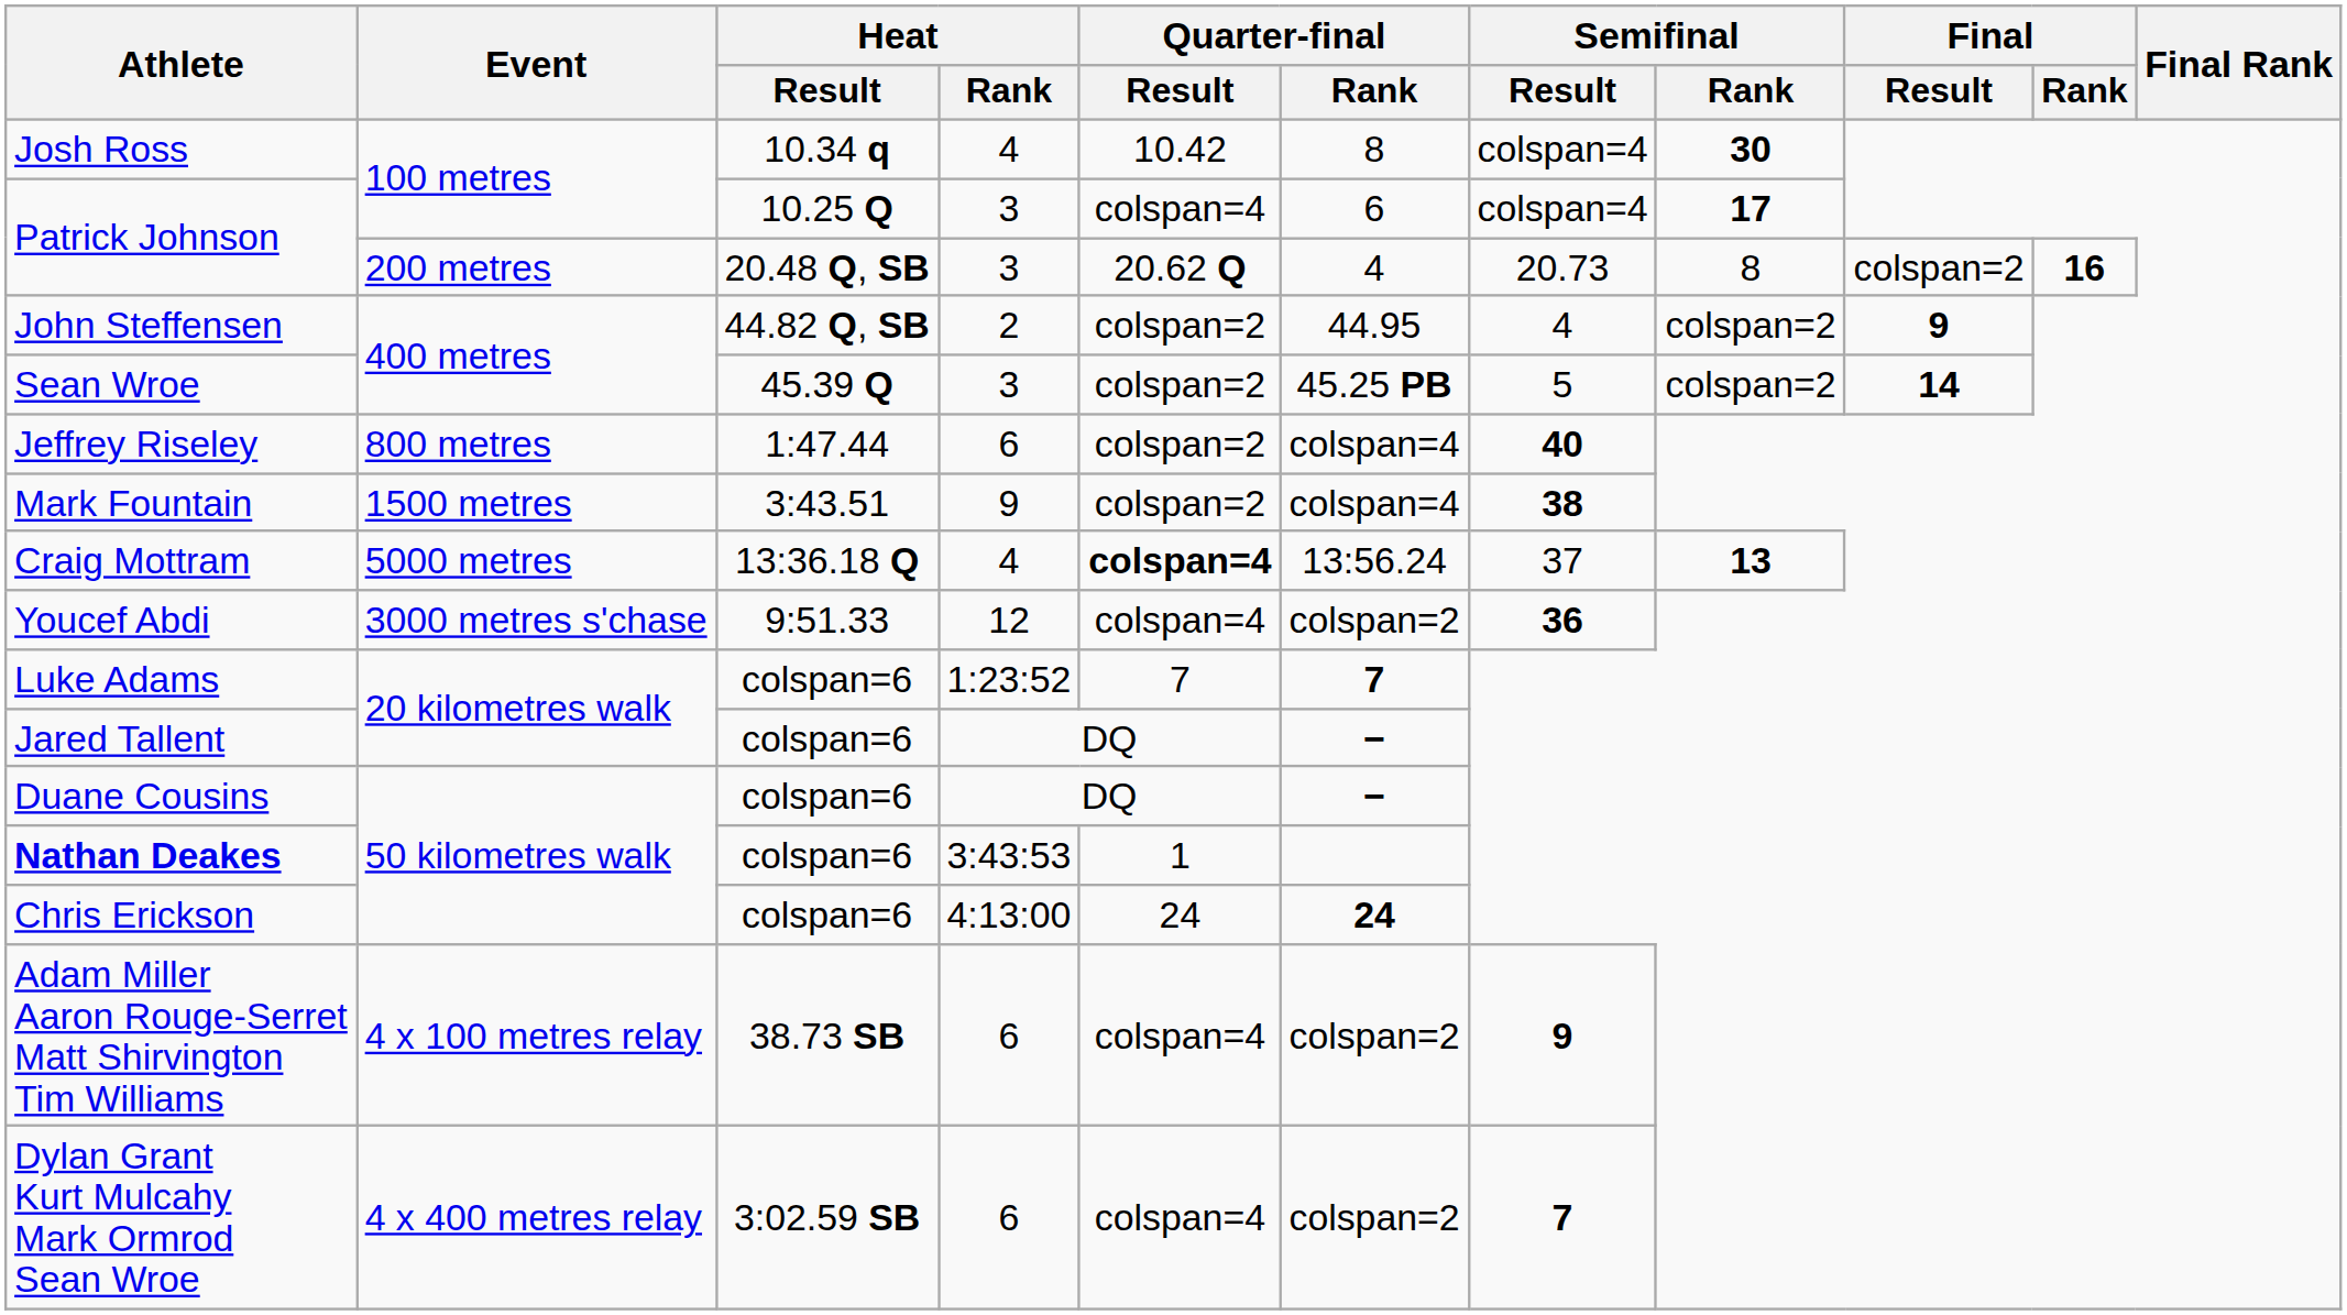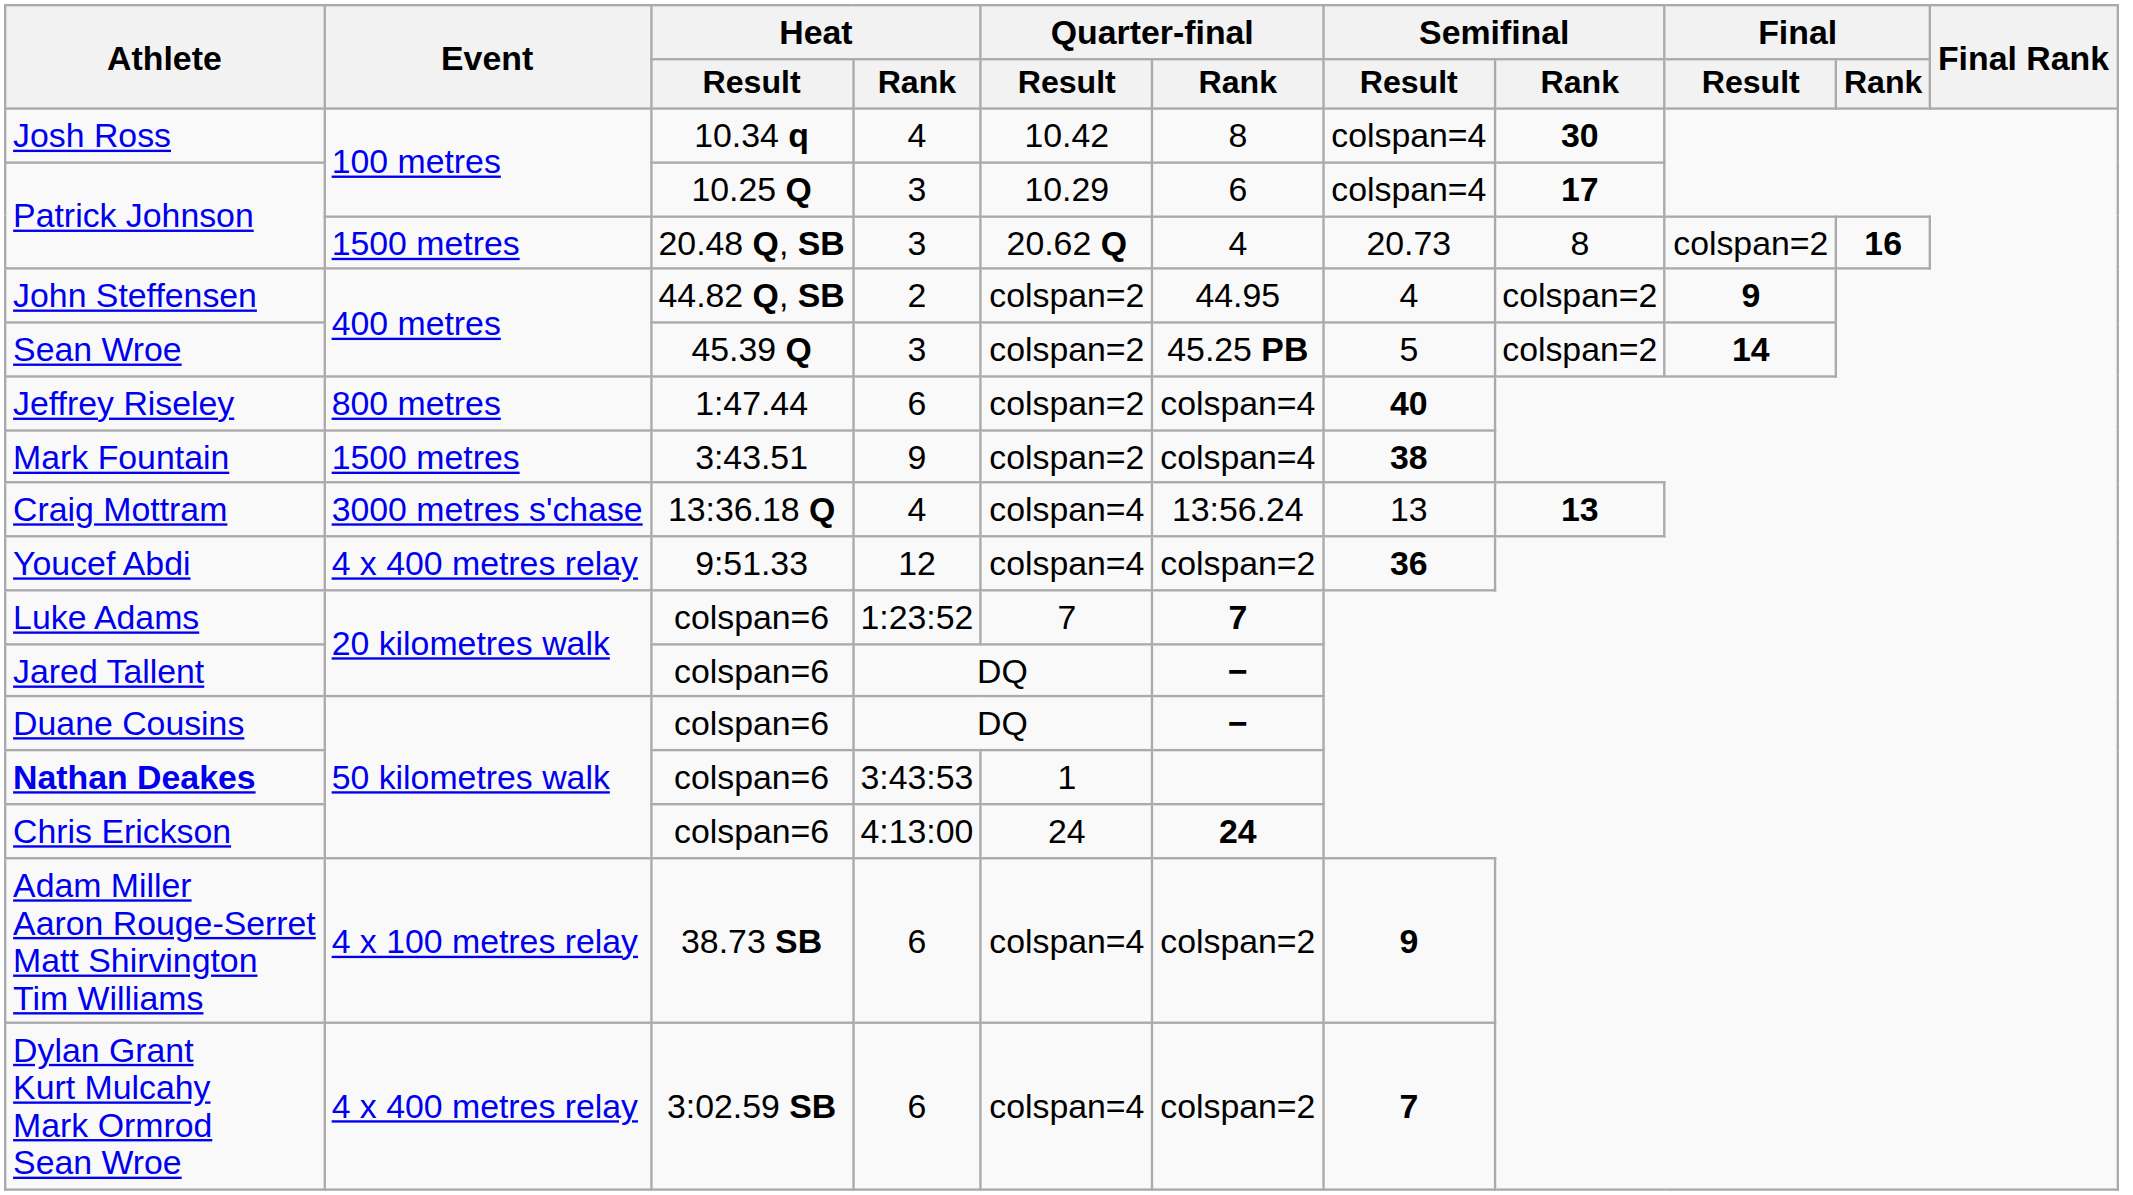 <table class="wikitable" style="font-size:90%">
 <tr>
 <th rowspan="2">Athlete</th>
 <th rowspan="2">Event</th>
 <th colspan="2">Heat</th>
 <th colspan="2">Quarter-final</th>
 <th colspan="2">Semifinal</th>
 <th colspan="2">Final</th>
 <th colspan="2" rowspan="2">Final Rank</th>
 </tr>
 <tr style="font-size:95%">
 <th>Result</th>
 <th>Rank</th>
 <th>Result</th>
 <th>Rank</th>
 <th>Result</th>
 <th>Rank</th>
 <th>Result</th>
 <th>Rank</th>
 </tr>
 <tr align=center>
 <td align=left><a href='#'>Josh Ross</a></td>
 <td rowspan="2" align=left><a href='#'>100 metres</a></td>
 <td>10.34 <strong>q</strong></td>
 <td>4</td>
 <td>10.42</td>
 <td>8</td>
 <td>colspan=4 </td>
 <td><strong>30</strong></td>
 </tr>
 <tr align=center>
 <td rowspan="2" align=left><a href='#'>Patrick Johnson</a></td>
 <td>10.25 <strong>Q</strong></td>
 <td>3</td>
-<td>colspan=4 </td>
+<td>10.29</td>
 <td>6</td>
 <td>colspan=4 </td>
 <td><strong>17</strong></td>
 </tr>
 <tr align=center>
-<td align=left><a href='#'>200 metres</a></td>
+<td align=left><a href='#'>1500 metres</a></td>
 <td>20.48 <strong>Q</strong>, <strong>SB</strong></td>
 <td>3</td>
 <td>20.62 <strong>Q</strong></td>
 <td>4</td>
 <td>20.73</td>
 <td>8</td>
 <td>colspan=2 </td>
 <td><strong>16</strong></td>
 </tr>
 <tr align=center>
 <td align=left><a href='#'>John Steffensen</a></td>
 <td rowspan="2" align=left><a href='#'>400 metres</a></td>
 <td>44.82 <strong>Q</strong>, <strong>SB</strong></td>
 <td>2</td>
 <td>colspan=2 </td>
 <td>44.95</td>
 <td>4</td>
 <td>colspan=2 </td>
 <td><strong>9</strong></td>
 </tr>
 <tr align=center>
 <td align=left><a href='#'>Sean Wroe</a></td>
 <td>45.39 <strong>Q</strong></td>
 <td>3</td>
 <td>colspan=2 </td>
 <td>45.25 <strong>PB</strong></td>
 <td>5</td>
 <td>colspan=2 </td>
 <td><strong>14</strong></td>
 </tr>
 <tr align=center>
 <td align=left><a href='#'>Jeffrey Riseley</a></td>
 <td align=left><a href='#'>800 metres</a></td>
 <td>1:47.44</td>
 <td>6</td>
 <td>colspan=2 </td>
 <td>colspan=4 </td>
 <td><strong>40</strong></td>
 </tr>
 <tr align=center>
 <td align=left><a href='#'>Mark Fountain</a></td>
 <td align=left><a href='#'>1500 metres</a></td>
 <td>3:43.51</td>
 <td>9</td>
 <td>colspan=2 </td>
 <td>colspan=4 </td>
 <td><strong>38</strong></td>
 </tr>
 <tr align=center>
 <td align=left><a href='#'>Craig Mottram</a></td>
-<td align=left><a href='#'>5000 metres</a></td>
+<td align=left><a href='#'>3000 metres s'chase</a></td>
 <td>13:36.18 <strong>Q</strong></td>
 <td>4</td>
-<td><strong>colspan=4 </strong></td>
+<td>colspan=4 </td>
 <td>13:56.24</td>
-<td>37</td>
+<td>13</td>
 <td><strong>13</strong></td>
 </tr>
 <tr align=center>
 <td align=left><a href='#'>Youcef Abdi</a></td>
-<td align=left><a href='#'>3000 metres s'chase</a></td>
+<td align=left><a href='#'>4 x 400 metres relay</a></td>
 <td>9:51.33</td>
 <td>12</td>
 <td>colspan=4 </td>
 <td>colspan=2 </td>
 <td><strong>36</strong></td>
 </tr>
 <tr align=center>
 <td align=left><a href='#'>Luke Adams</a></td>
 <td rowspan="2" align=left><a href='#'>20 kilometres walk</a></td>
 <td>colspan=6 </td>
 <td>1:23:52</td>
 <td>7</td>
 <td><strong>7</strong></td>
 </tr>
 <tr align=center>
 <td align=left><a href='#'>Jared Tallent</a></td>
 <td>colspan=6 </td>
 <td colspan=2>DQ</td>
 <td><strong>−</strong></td>
 </tr>
 <tr align=center>
 <td align=left><a href='#'>Duane Cousins</a></td>
 <td rowspan="3" align=left><a href='#'>50 kilometres walk</a></td>
 <td>colspan=6 </td>
 <td colspan=2>DQ</td>
 <td><strong>−</strong></td>
 </tr>
 <tr align=center>
 <td align=left><strong><a href='#'>Nathan Deakes</a></strong></td>
 <td>colspan=6 </td>
 <td>3:43:53</td>
 <td>1</td>
 <td></td>
 </tr>
 <tr align=center>
 <td align=left><a href='#'>Chris Erickson</a></td>
 <td>colspan=6 </td>
 <td>4:13:00</td>
 <td>24</td>
 <td><strong>24</strong></td>
 </tr>
 <tr align=center>
 <td align=left><a href='#'>Adam Miller</a><br><a href='#'>Aaron Rouge-Serret</a><br><a href='#'>Matt Shirvington</a><br><a href='#'>Tim Williams</a></td>
 <td align=left><a href='#'>4 x 100 metres relay</a></td>
 <td>38.73 <strong>SB</strong></td>
 <td>6</td>
 <td>colspan=4 </td>
 <td>colspan=2 </td>
 <td><strong>9</strong></td>
 </tr>
 <tr align=center>
 <td align=left><a href='#'>Dylan Grant</a><br><a href='#'>Kurt Mulcahy</a><br><a href='#'>Mark Ormrod</a><br><a href='#'>Sean Wroe</a></td>
 <td align=left><a href='#'>4 x 400 metres relay</a></td>
 <td>3:02.59 <strong>SB</strong></td>
 <td>6</td>
 <td>colspan=4 </td>
 <td>colspan=2 </td>
 <td><strong>7</strong></td>
 </tr>
 </table>
